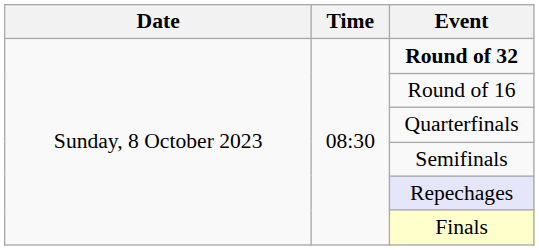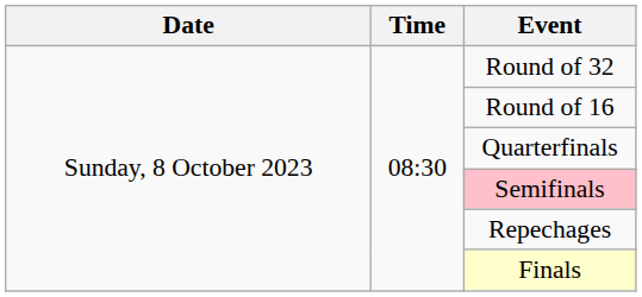 <table class = "wikitable" style="text-align:center;">
 <tr>
 <th width=220>Date</th>
 <th width=50>Time</th>
 <th width=100>Event</th>
 </tr>
 <tr>
 <td rowspan=6>Sunday, 8 October 2023</td>
 <td rowspan=6>08:30</td>
-<td><strong>Round of 32</strong></td>
+<td>Round of 32</td>
 </tr>
 <tr>
 <td>Round of 16</td>
 </tr>
 <tr>
 <td>Quarterfinals</td>
 </tr>
 <tr>
-<td>Semifinals</td>
+<td style="background: pink;">Semifinals</td>
 </tr>
 <tr>
-<td style="background: lavender;">Repechages</td>
+<td>Repechages</td>
 </tr>
 <tr>
 <td bgcolor=ffffcc>Finals</td>
 </tr>
 </table>
